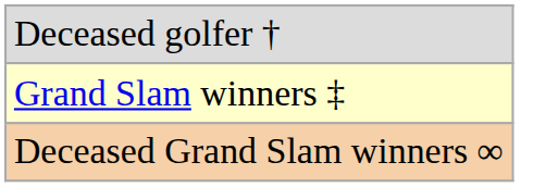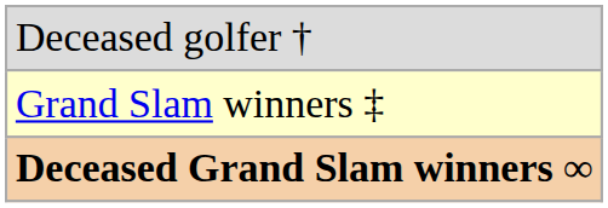 <table class="wikitable">
 <tr>
 <td style="background:#DCDCDC;">Deceased golfer †</td>
 </tr>
 <tr>
 <td style="background:#FFFFCC;"><a href='#'>Grand Slam</a> winners ‡</td>
 </tr>
 <tr>
-<td style="background:#F5D0A9;">Deceased Grand Slam winners ∞</td>
+<td style="background:#F5D0A9;"><strong>Deceased Grand Slam winners ∞</strong></td>
 </tr>
 </table>
